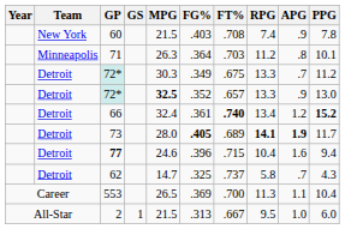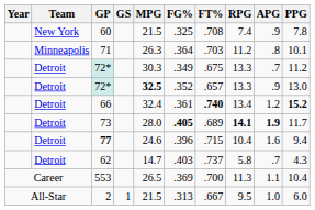 <table class="wikitable sortable" style="font-size:95%; text-align:right;">
 <tr>
 <th>Year</th>
 <th>Team</th>
 <th>GP</th>
 <th>GS</th>
 <th>MPG</th>
 <th>FG%</th>
 <th>FT%</th>
 <th>RPG</th>
 <th>APG</th>
 <th>PPG</th>
 </tr>
 <tr>
 <td style="text-align:left;"></td>
 <td style="text-align:left;"><a href='#'>New York</a></td>
 <td>60</td>
 <td></td>
 <td>21.5</td>
-<td>.403</td>
+<td>.325</td>
 <td>.708</td>
 <td>7.4</td>
 <td>.9</td>
 <td>7.8</td>
 </tr>
 <tr>
 <td style="text-align:left;"></td>
 <td style="text-align:left;"><a href='#'>Minneapolis</a></td>
 <td>71</td>
 <td></td>
 <td>26.3</td>
 <td>.364</td>
 <td>.703</td>
 <td>11.2</td>
 <td>.8</td>
 <td>10.1</td>
 </tr>
 <tr>
 <td style="text-align:left;"></td>
 <td style="text-align:left;"><a href='#'>Detroit</a></td>
 <td style="background:#cfecec;">72*</td>
 <td></td>
 <td>30.3</td>
 <td>.349</td>
 <td>.675</td>
 <td>13.3</td>
 <td>.7</td>
 <td>11.2</td>
 </tr>
 <tr>
 <td style="text-align:left;"></td>
 <td style="text-align:left;"><a href='#'>Detroit</a></td>
 <td style="background:#cfecec;">72*</td>
 <td></td>
 <td><strong>32.5</strong></td>
 <td>.352</td>
 <td>.657</td>
 <td>13.3</td>
 <td>.9</td>
 <td>13.0</td>
 </tr>
 <tr>
 <td style="text-align:left;"></td>
 <td style="text-align:left;"><a href='#'>Detroit</a></td>
 <td>66</td>
 <td></td>
 <td>32.4</td>
 <td>.361</td>
 <td><strong>.740</strong></td>
 <td>13.4</td>
 <td>1.2</td>
 <td><strong>15.2</strong></td>
 </tr>
 <tr>
 <td style="text-align:left;"></td>
 <td style="text-align:left;"><a href='#'>Detroit</a></td>
 <td>73</td>
 <td></td>
 <td>28.0</td>
 <td><strong>.405</strong></td>
 <td>.689</td>
 <td><strong>14.1</strong></td>
 <td><strong>1.9</strong></td>
 <td>11.7</td>
 </tr>
 <tr>
 <td style="text-align:left;"></td>
 <td style="text-align:left;"><a href='#'>Detroit</a></td>
 <td><strong>77</strong></td>
 <td></td>
 <td>24.6</td>
 <td>.396</td>
 <td>.715</td>
 <td>10.4</td>
 <td>1.6</td>
 <td>9.4</td>
 </tr>
 <tr>
 <td style="text-align:left;"></td>
 <td style="text-align:left;"><a href='#'>Detroit</a></td>
 <td>62</td>
 <td></td>
 <td>14.7</td>
-<td>.325</td>
+<td>.403</td>
 <td>.737</td>
 <td>5.8</td>
 <td>.7</td>
 <td>4.3</td>
 </tr>
 <tr>
 <td colspan="2" style="text-align:center;">Career</td>
 <td>553</td>
 <td></td>
 <td>26.5</td>
 <td>.369</td>
 <td>.700</td>
 <td>11.3</td>
 <td>1.1</td>
 <td>10.4</td>
 </tr>
 <tr>
 <td colspan="2" style="text-align:center;">All-Star</td>
 <td>2</td>
 <td>1</td>
 <td>21.5</td>
 <td>.313</td>
 <td>.667</td>
 <td>9.5</td>
 <td>1.0</td>
 <td>6.0</td>
 </tr>
 </table>
